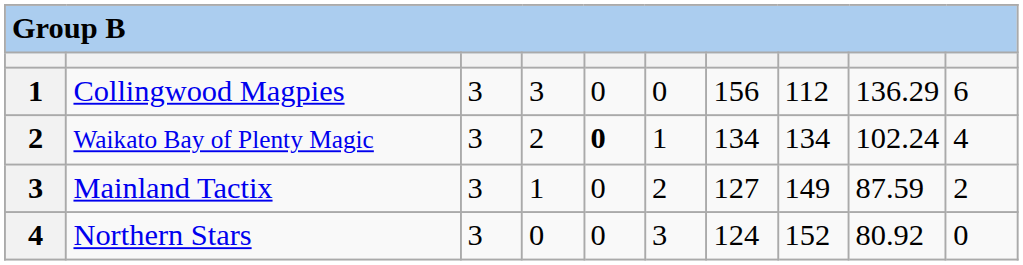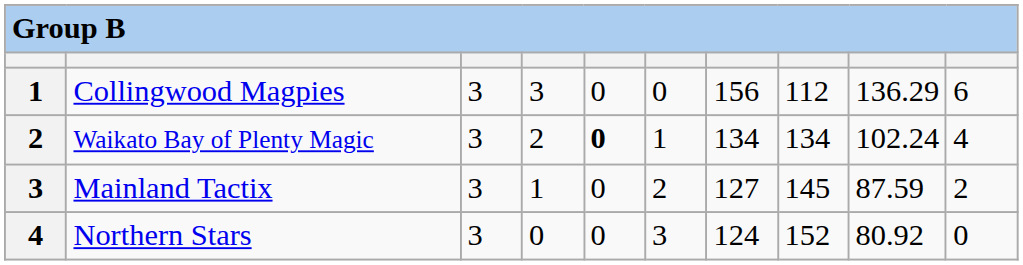 <table class="wikitable collapsible">
 <tr>
 <td colspan=11 style="background-color:#ABCDEF"><strong>Group B</strong></td>
 </tr>
 <tr>
 <th width="25"></th>
 <th width="200"></th>
 <th width="25"></th>
 <th width="25"></th>
 <th width="25"></th>
 <th width="25"></th>
 <th width="30"></th>
 <th width="30"></th>
 <th width="30"></th>
 <th width="30"></th>
 </tr>
 <tr style="background:#">
 <th>1</th>
 <td style="text-align:left;"> <a href='#'>Collingwood Magpies</a></td>
 <td>3</td>
 <td>3</td>
 <td>0</td>
 <td>0</td>
 <td>156</td>
 <td>112</td>
 <td>136.29</td>
 <td>6</td>
 </tr>
 <tr style="background:#">
 <th>2</th>
 <td style="text-align:left;"> <small><a href='#'>Waikato Bay of Plenty Magic</a></small></td>
 <td>3</td>
 <td>2</td>
 <td><strong>0</strong></td>
 <td>1</td>
 <td>134</td>
 <td>134</td>
 <td>102.24</td>
 <td>4</td>
 </tr>
 <tr style="background:#">
 <th>3</th>
 <td style="text-align:left;"> <a href='#'>Mainland Tactix</a></td>
 <td>3</td>
 <td>1</td>
 <td>0</td>
 <td>2</td>
 <td>127</td>
-<td>149</td>
+<td>145</td>
 <td>87.59</td>
 <td>2</td>
 </tr>
 <tr style="background:#">
 <th>4</th>
 <td style="text-align:left;"> <a href='#'>Northern Stars</a></td>
 <td>3</td>
 <td>0</td>
 <td>0</td>
 <td>3</td>
 <td>124</td>
 <td>152</td>
 <td>80.92</td>
 <td>0</td>
 </tr>
 </table>
